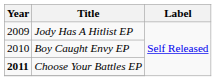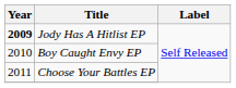 <table class="wikitable" border="1">
 <tr>
 <th>Year</th>
 <th>Title</th>
 <th>Label</th>
 </tr>
 <tr>
-<td>2009</td>
+<td><strong>2009</strong></td>
 <td><em>Jody Has A Hitlist EP</em></td>
 <td rowspan="6"><a href='#'>Self Released</a></td>
 </tr>
 <tr>
 <td>2010</td>
 <td><em>Boy Caught Envy EP</em></td>
 </tr>
 <tr>
-<td><strong>2011</strong></td>
+<td>2011</td>
 <td><em>Choose Your Battles EP</em></td>
 </tr>
 <tr>
 </tr>
 </table>
